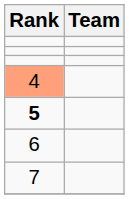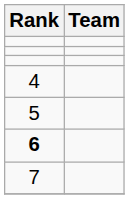 <table class="wikitable" border="1">
 <tr>
 <th>Rank</th>
 <th>Team</th>
 </tr>
 <tr>
 <td align=center></td>
 <td></td>
 </tr>
 <tr>
 <td align=center></td>
 <td></td>
 </tr>
 <tr>
 <td align=center></td>
 <td></td>
 </tr>
 <tr>
-<td align=center style="background: lightsalmon;">4</td>
+<td align=center>4</td>
 <td></td>
 </tr>
 <tr>
-<td align=center><strong>5</strong></td>
+<td align=center>5</td>
 <td></td>
 </tr>
 <tr>
-<td align=center>6</td>
+<td align=center><strong>6</strong></td>
 <td></td>
 </tr>
 <tr>
 <td align=center>7</td>
 <td></td>
 </tr>
 <tr>
 </tr>
 </table>
